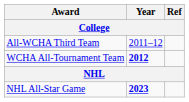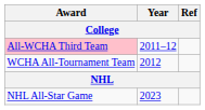 <table class="wikitable">
 <tr>
 <th>Award</th>
 <th>Year</th>
 <th>Ref</th>
 </tr>
 <tr>
 <th colspan="3"><a href='#'>College</a></th>
 </tr>
 <tr>
-<td><a href='#'>All-WCHA Third Team</a></td>
+<td style="background: pink;"><a href='#'>All-WCHA Third Team</a></td>
 <td><a href='#'>2011–12</a></td>
 <td></td>
 </tr>
 <tr>
 <td><a href='#'>WCHA All-Tournament Team</a></td>
-<td><strong><a href='#'>2012</a></strong></td>
+<td><a href='#'>2012</a></td>
 <td></td>
 </tr>
 <tr>
 <th colspan="3"><a href='#'>NHL</a></th>
 </tr>
 <tr>
 <td><a href='#'>NHL All-Star Game</a></td>
-<td><strong><a href='#'>2023</a></strong></td>
+<td><a href='#'>2023</a></td>
 <td></td>
 </tr>
 </table>
